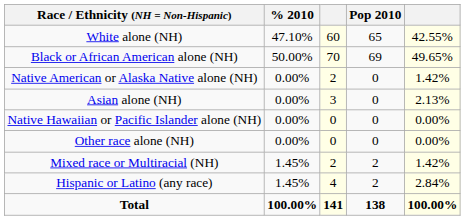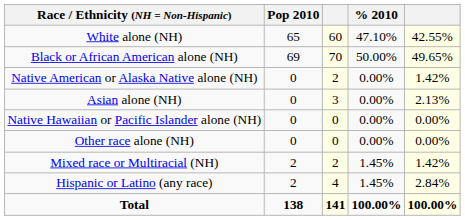 <table class="wikitable" style="text-align:center;">
 <tr>
 <th>Race / Ethnicity <small>(<em>NH = Non-Hispanic</em>)</small></th>
+<th>Pop 2010</th>
+<th></th>
 <th>% 2010</th>
-<th></th>
-<th>Pop 2010</th>
 <th></th>
 </tr>
 <tr>
 <td><a href='#'>White</a> alone (NH)</td>
+<td>65</td>
+<td style='background: #ffffe6;'>60</td>
 <td>47.10%</td>
-<td style='background: #ffffe6;'>60</td>
-<td>65</td>
 <td style='background: #ffffe6;'>42.55%</td>
 </tr>
 <tr>
 <td><a href='#'>Black or African American</a> alone (NH)</td>
+<td>69</td>
+<td style='background: #ffffe6;'>70</td>
 <td>50.00%</td>
-<td style='background: #ffffe6;'>70</td>
-<td>69</td>
 <td style='background: #ffffe6;'>49.65%</td>
 </tr>
 <tr>
 <td><a href='#'>Native American</a> or <a href='#'>Alaska Native</a> alone (NH)</td>
+<td>0</td>
+<td style='background: #ffffe6;'>2</td>
 <td>0.00%</td>
-<td style='background: #ffffe6;'>2</td>
-<td>0</td>
 <td style='background: #ffffe6;'>1.42%</td>
 </tr>
 <tr>
 <td><a href='#'>Asian</a> alone (NH)</td>
+<td>0</td>
+<td style='background: #ffffe6;'>3</td>
 <td>0.00%</td>
-<td style='background: #ffffe6;'>3</td>
-<td>0</td>
 <td style='background: #ffffe6;'>2.13%</td>
 </tr>
 <tr>
 <td><a href='#'>Native Hawaiian</a> or <a href='#'>Pacific Islander</a> alone (NH)</td>
+<td>0</td>
+<td style='background: #ffffe6;'>0</td>
 <td>0.00%</td>
-<td style='background: #ffffe6;'>0</td>
-<td>0</td>
 <td style='background: #ffffe6;'>0.00%</td>
 </tr>
 <tr>
 <td><a href='#'>Other race</a> alone (NH)</td>
+<td>0</td>
+<td style='background: #ffffe6;'>0</td>
 <td>0.00%</td>
-<td style='background: #ffffe6;'>0</td>
-<td>0</td>
 <td style='background: #ffffe6;'>0.00%</td>
 </tr>
 <tr>
 <td><a href='#'>Mixed race or Multiracial</a> (NH)</td>
+<td>2</td>
+<td style='background: #ffffe6;'>2</td>
 <td>1.45%</td>
-<td style='background: #ffffe6;'>2</td>
-<td>2</td>
 <td style='background: #ffffe6;'>1.42%</td>
 </tr>
 <tr>
 <td><a href='#'>Hispanic or Latino</a> (any race)</td>
+<td>2</td>
+<td style='background: #ffffe6;'>4</td>
 <td>1.45%</td>
-<td style='background: #ffffe6;'>4</td>
-<td>2</td>
 <td style='background: #ffffe6;'>2.84%</td>
 </tr>
 <tr>
 <td><strong>Total</strong></td>
+<td><strong>138</strong></td>
+<td style='background: #ffffe6;'><strong>141</strong></td>
 <td><strong>100.00%</strong></td>
-<td style='background: #ffffe6;'><strong>141</strong></td>
-<td><strong>138</strong></td>
 <td style='background: #ffffe6;'><strong>100.00%</strong></td>
 </tr>
 </table>
